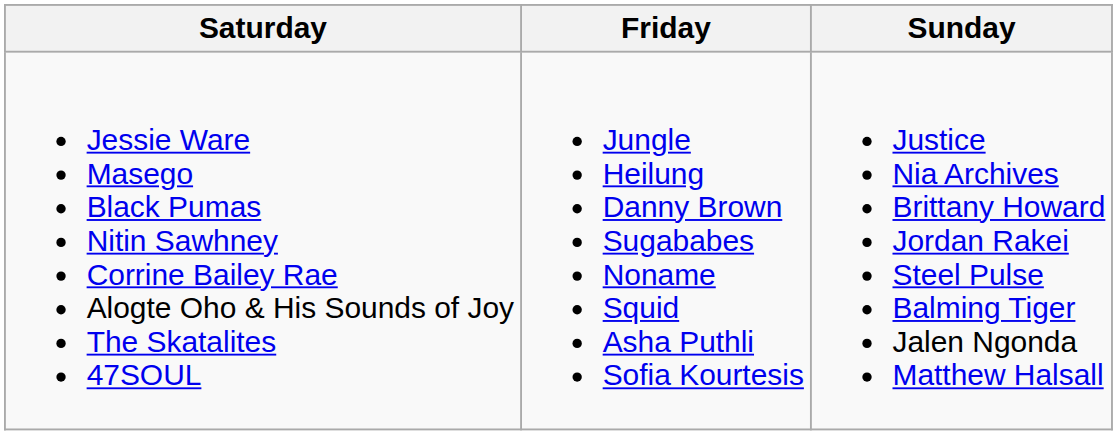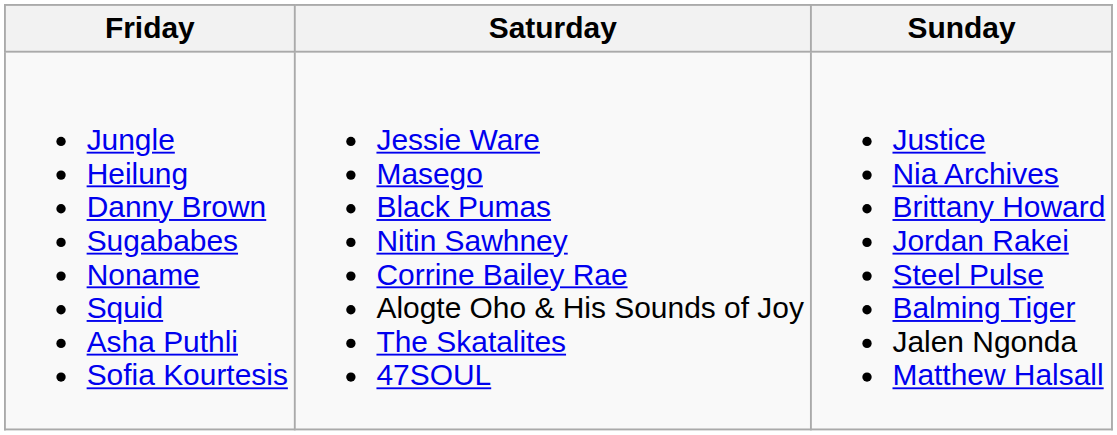 <table class="wikitable">
 <tr>
+<th>Friday</th>
 <th>Saturday</th>
-<th>Friday</th>
 <th>Sunday</th>
 </tr>
 <tr>
+<td><br><ul><li><a href='#'>Jungle</a></li><li><a href='#'>Heilung</a></li><li><a href='#'>Danny Brown</a></li><li><a href='#'>Sugababes</a></li><li><a href='#'>Noname</a></li><li><a href='#'>Squid</a></li><li><a href='#'>Asha Puthli</a></li><li><a href='#'>Sofia Kourtesis</a></li></ul></td>
 <td><br><ul><li><a href='#'>Jessie Ware</a></li><li><a href='#'>Masego</a></li><li><a href='#'>Black Pumas</a></li><li><a href='#'>Nitin Sawhney</a></li><li><a href='#'>Corrine Bailey Rae</a></li><li>Alogte Oho & His Sounds of Joy</li><li><a href='#'>The Skatalites</a></li><li><a href='#'>47SOUL</a></li></ul></td>
-<td><br><ul><li><a href='#'>Jungle</a></li><li><a href='#'>Heilung</a></li><li><a href='#'>Danny Brown</a></li><li><a href='#'>Sugababes</a></li><li><a href='#'>Noname</a></li><li><a href='#'>Squid</a></li><li><a href='#'>Asha Puthli</a></li><li><a href='#'>Sofia Kourtesis</a></li></ul></td>
 <td><br><ul><li><a href='#'>Justice</a></li><li><a href='#'>Nia Archives</a></li><li><a href='#'>Brittany Howard</a></li><li><a href='#'>Jordan Rakei</a></li><li><a href='#'>Steel Pulse</a></li><li><a href='#'>Balming Tiger</a></li><li>Jalen Ngonda</li><li><a href='#'>Matthew Halsall</a></li></ul></td>
 </tr>
 </table>
